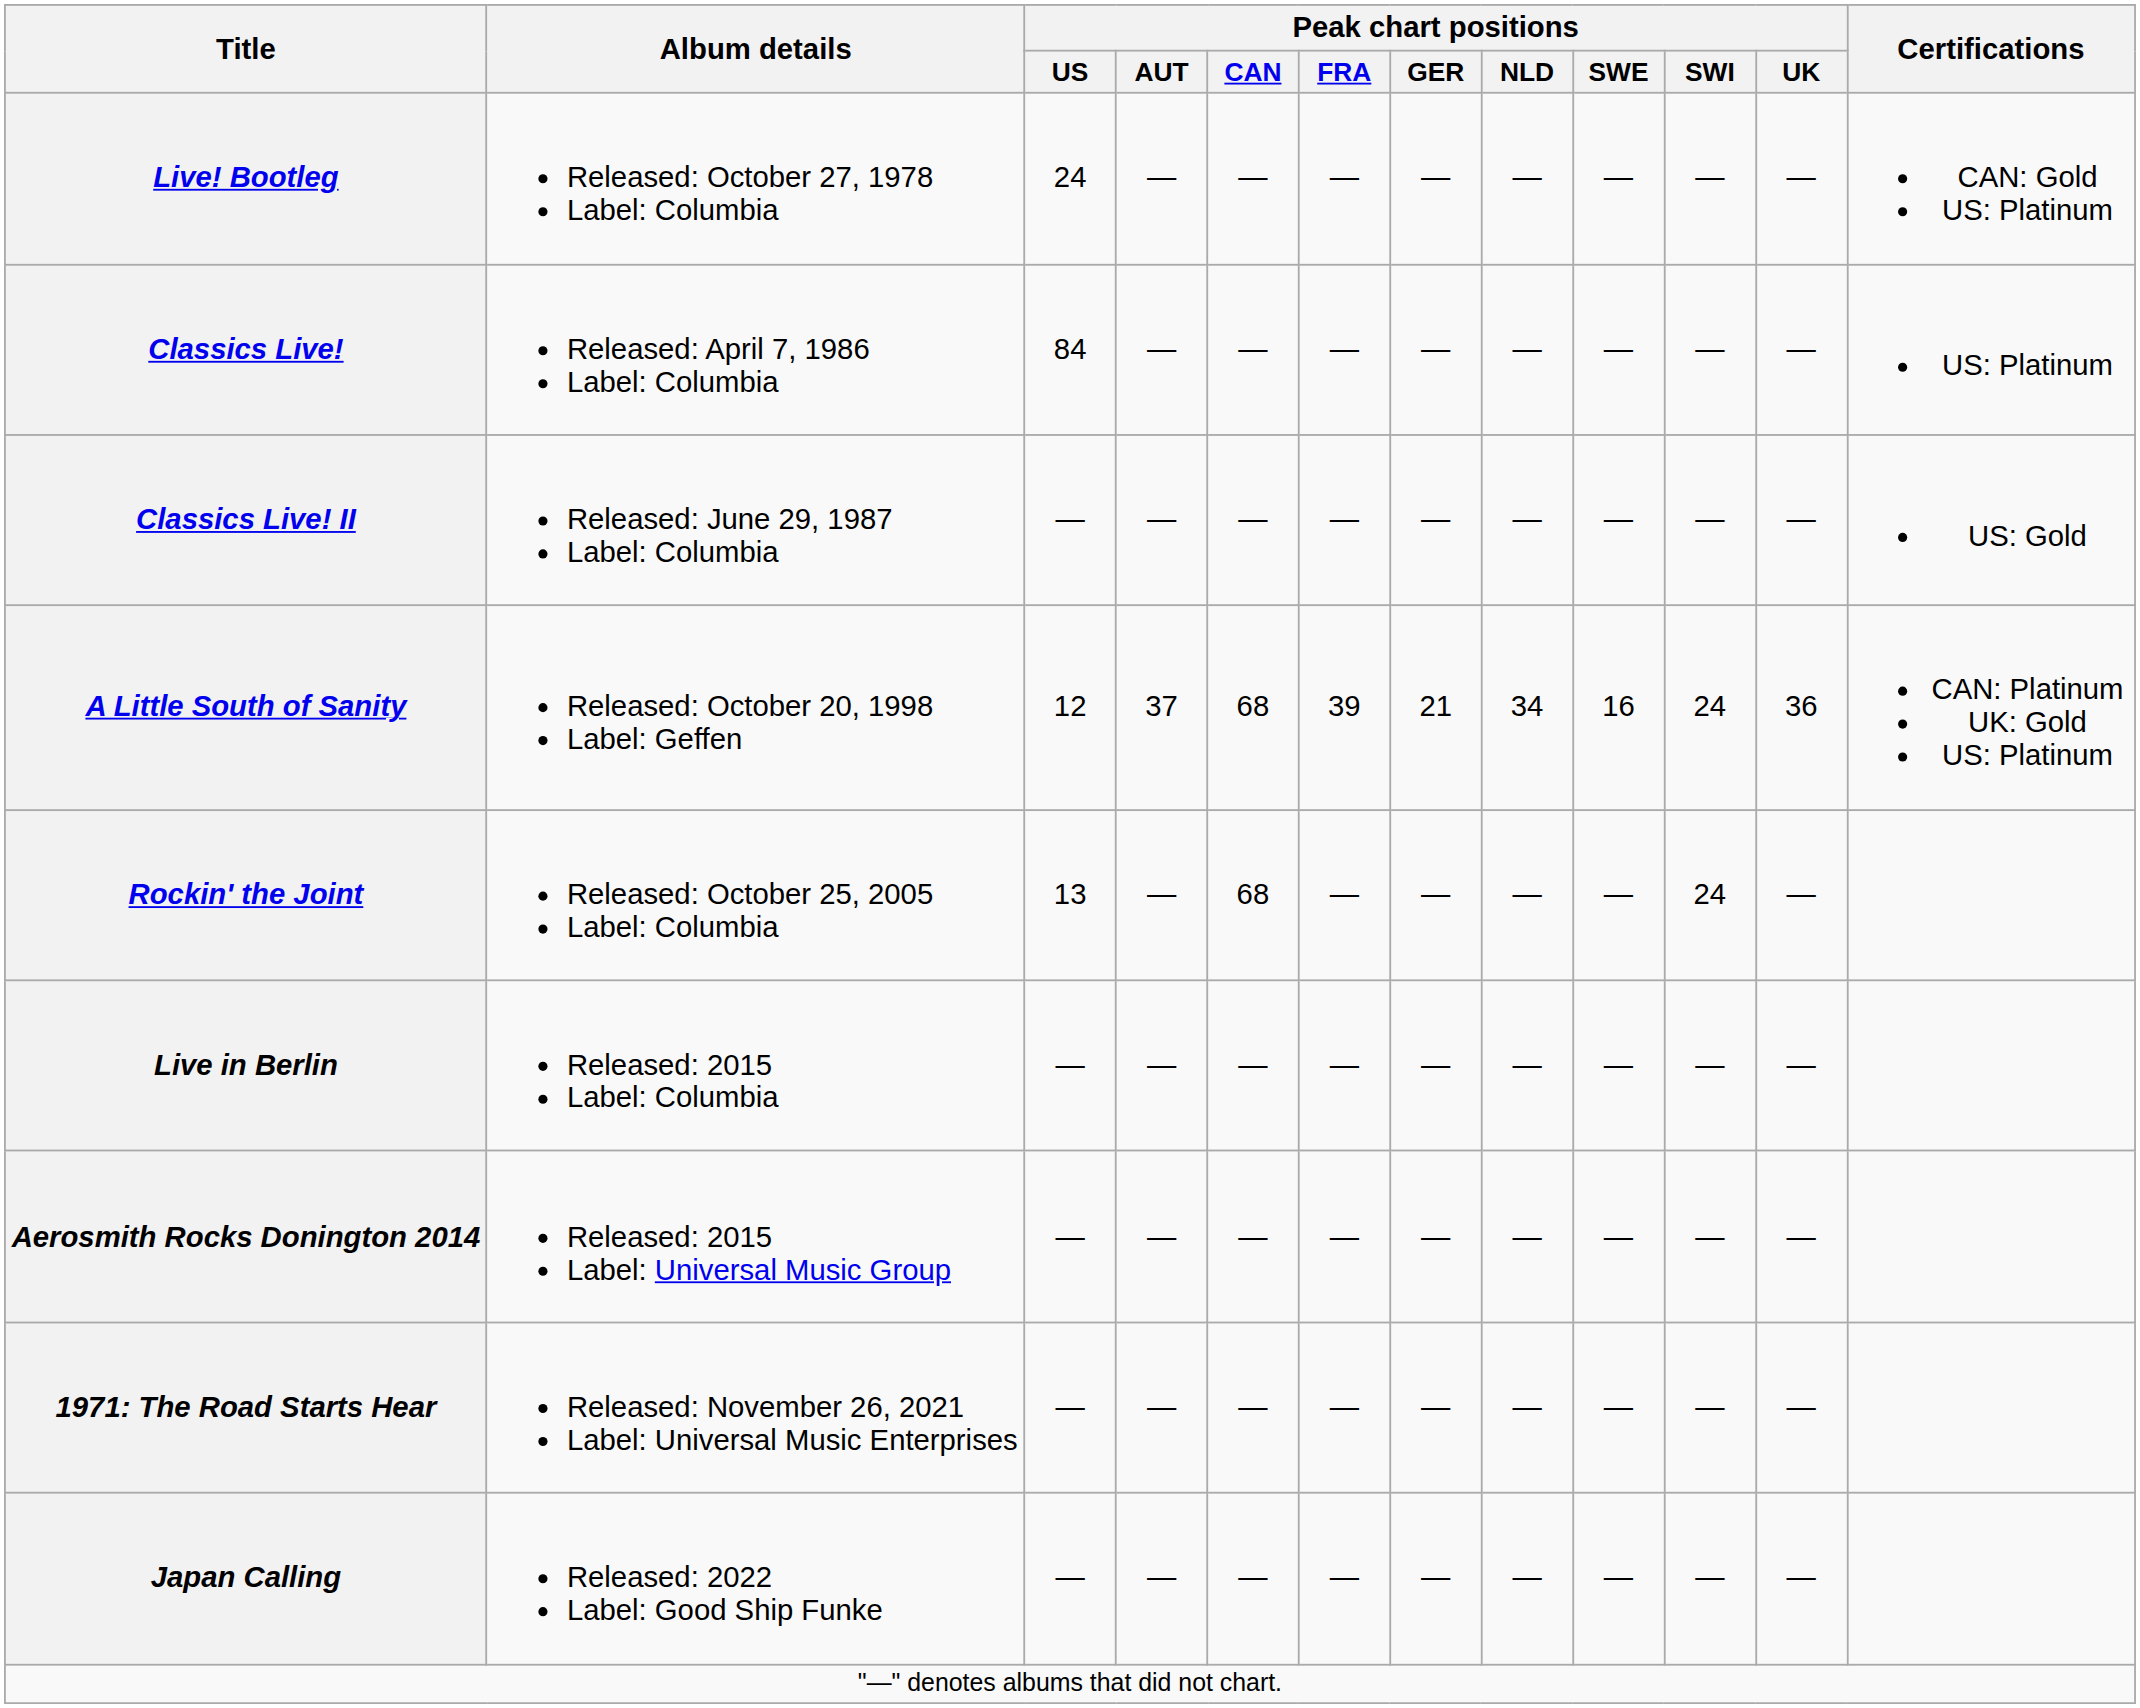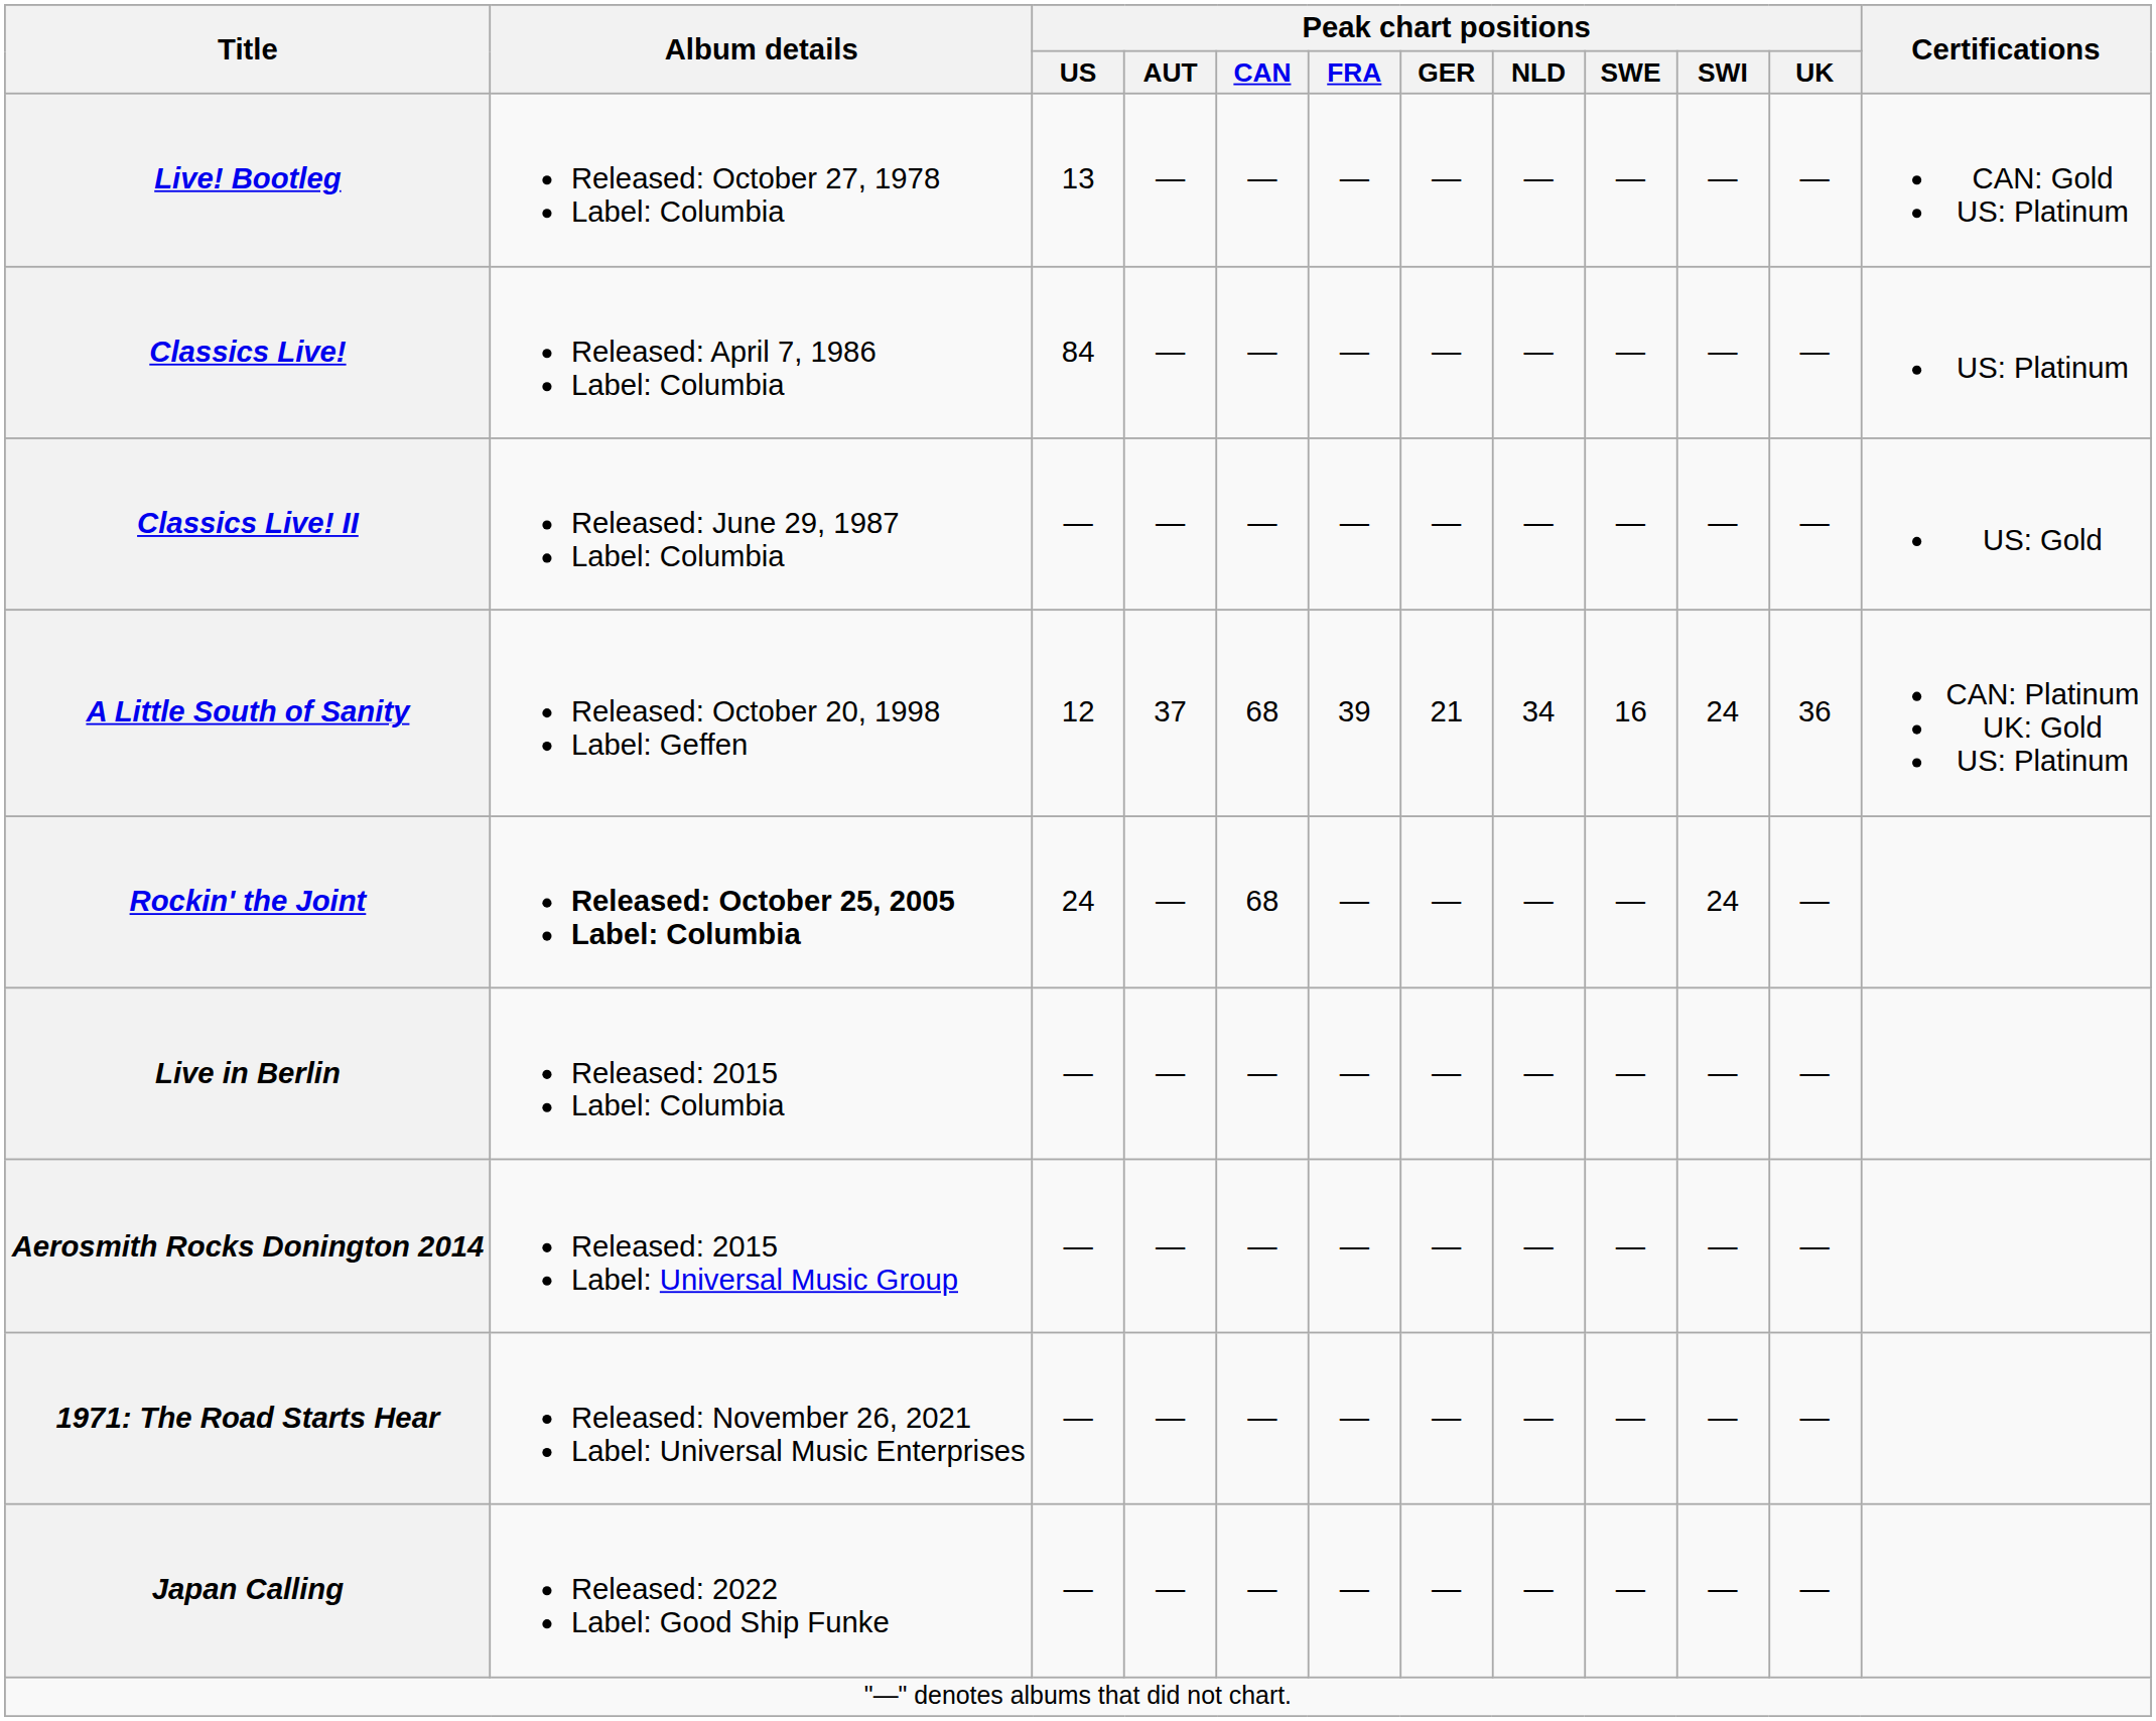 <table class="wikitable plainrowheaders">
 <tr>
 <th rowspan="2">Title</th>
 <th rowspan="2">Album details</th>
 <th colspan="9">Peak chart positions</th>
 <th rowspan="2" width="150">Certifications<br>  </th>
 </tr>
 <tr>
 <th style="width:3em;font-size:90%">US<br></th>
 <th style="width:3em;font-size:90%">AUT<br></th>
 <th style="width:3em;font-size:90%"><a href='#'>CAN</a><br></th>
 <th style="width:3em;font-size:90%"><a href='#'>FRA</a><br></th>
 <th style="width:3em;font-size:90%">GER<br></th>
 <th style="width:3em;font-size:90%">NLD<br></th>
 <th style="width:3em;font-size:90%">SWE<br></th>
 <th style="width:3em;font-size:90%">SWI<br></th>
 <th style="width:3em;font-size:90%">UK<br></th>
 </tr>
 <tr>
 <th scope="row"><em><a href='#'>Live! Bootleg</a></em></th>
 <td><br><ul><li>Released: October 27, 1978</li><li>Label: Columbia</li></ul></td>
-<td align="center">24</td>
+<td align="center">13</td>
 <td align="center">—</td>
 <td align="center">—</td>
 <td align="center">—</td>
 <td align="center">—</td>
 <td align="center">—</td>
 <td align="center">—</td>
 <td align="center">—</td>
 <td align="center">—</td>
 <td align="center"><br><ul><li>CAN: Gold</li><li>US: Platinum</li></ul></td>
 </tr>
 <tr>
 <th scope="row"><em><a href='#'>Classics Live!</a></em></th>
 <td><br><ul><li>Released: April 7, 1986</li><li>Label: Columbia</li></ul></td>
 <td align="center">84</td>
 <td align="center">—</td>
 <td align="center">—</td>
 <td align="center">—</td>
 <td align="center">—</td>
 <td align="center">—</td>
 <td align="center">—</td>
 <td align="center">—</td>
 <td align="center">—</td>
 <td align="center"><br><ul><li>US: Platinum</li></ul></td>
 </tr>
 <tr>
 <th scope="row"><em><a href='#'>Classics Live! II</a></em></th>
 <td><br><ul><li>Released: June 29, 1987</li><li>Label: Columbia</li></ul></td>
 <td align="center">—</td>
 <td align="center">—</td>
 <td align="center">—</td>
 <td align="center">—</td>
 <td align="center">—</td>
 <td align="center">—</td>
 <td align="center">—</td>
 <td align="center">—</td>
 <td align="center">—</td>
 <td align="center"><br><ul><li>US: Gold</li></ul></td>
 </tr>
 <tr>
 <th scope="row"><em><a href='#'>A Little South of Sanity</a></em></th>
 <td><br><ul><li>Released: October 20, 1998</li><li>Label: Geffen</li></ul></td>
 <td align="center">12</td>
 <td align="center">37</td>
 <td align="center">68</td>
 <td align="center">39</td>
 <td align="center">21</td>
 <td align="center">34</td>
 <td align="center">16</td>
 <td align="center">24</td>
 <td align="center">36</td>
 <td align="center"><br><ul><li>CAN: Platinum</li><li>UK: Gold</li><li>US: Platinum</li></ul></td>
 </tr>
 <tr>
 <th scope="row"><em><a href='#'>Rockin' the Joint</a></em></th>
-<td><br><ul><li>Released: October 25, 2005</li><li>Label: Columbia</li></ul></td>
-<td align="center">13</td>
+<td><strong><br><ul><li>Released: October 25, 2005</li><li>Label: Columbia</li></ul></strong></td>
+<td align="center">24</td>
 <td align="center">—</td>
 <td align="center">68</td>
 <td align="center">—</td>
 <td align="center">—</td>
 <td align="center">—</td>
 <td align="center">—</td>
 <td align="center">24</td>
 <td align="center">—</td>
 <td></td>
 </tr>
 <tr>
 <th scope="row"><em>Live in Berlin</em></th>
 <td><br><ul><li>Released: 2015</li><li>Label: Columbia</li></ul></td>
 <td align="center">—</td>
 <td align="center">—</td>
 <td align="center">—</td>
 <td align="center">—</td>
 <td align="center">—</td>
 <td align="center">—</td>
 <td align="center">—</td>
 <td align="center">—</td>
 <td align="center">—</td>
 <td></td>
 </tr>
 <tr>
 <th scope="row"><em>Aerosmith Rocks Donington 2014</em></th>
 <td><br><ul><li>Released: 2015</li><li>Label: <a href='#'>Universal Music Group</a></li></ul></td>
 <td align="center">—</td>
 <td align="center">—</td>
 <td align="center">—</td>
 <td align="center">—</td>
 <td align="center">—</td>
 <td align="center">—</td>
 <td align="center">—</td>
 <td align="center">—</td>
 <td align="center">—</td>
 <td></td>
 </tr>
 <tr>
 <th scope="row"><em>1971: The Road Starts Hear</em></th>
 <td><br><ul><li>Released: November 26, 2021</li><li>Label: Universal Music Enterprises</li></ul></td>
 <td align="center">—</td>
 <td align="center">—</td>
 <td align="center">—</td>
 <td align="center">—</td>
 <td align="center">—</td>
 <td align="center">—</td>
 <td align="center">—</td>
 <td align="center">—</td>
 <td align="center">—</td>
 <td></td>
 </tr>
 <tr>
 <th scope="row"><em>Japan Calling</em></th>
 <td><br><ul><li>Released: 2022</li><li>Label: Good Ship Funke</li></ul></td>
 <td align="center">—</td>
 <td align="center">—</td>
 <td align="center">—</td>
 <td align="center">—</td>
 <td align="center">—</td>
 <td align="center">—</td>
 <td align="center">—</td>
 <td align="center">—</td>
 <td align="center">—</td>
 <td></td>
 </tr>
 <tr>
 <td align="center" colspan="30" style="font-size: 85%">"—" denotes albums that did not chart.</td>
 </tr>
 </table>
